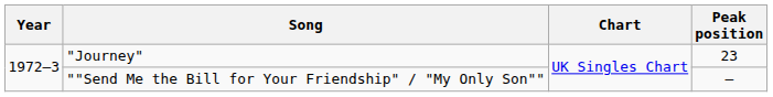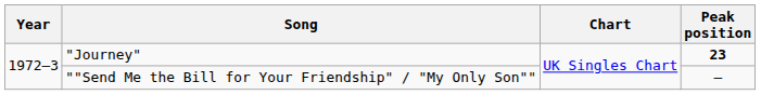 <table class="wikitable">
 <tr>
 <th>Year</th>
 <th>Song</th>
 <th>Chart</th>
 <th>Peak<br>position</th>
 </tr>
 <tr>
 <td rowspan="4">1972—3</td>
 <td>"Journey"</td>
 <td rowspan="4"><a href='#'>UK Singles Chart</a></td>
-<td align="center">23</td>
+<td align="center"><strong>23</strong></td>
 </tr>
 <tr>
 <td>""Send Me the Bill for Your Friendship" / "My Only Son""</td>
 <td align="center">—</td>
 </tr>
 </table>
